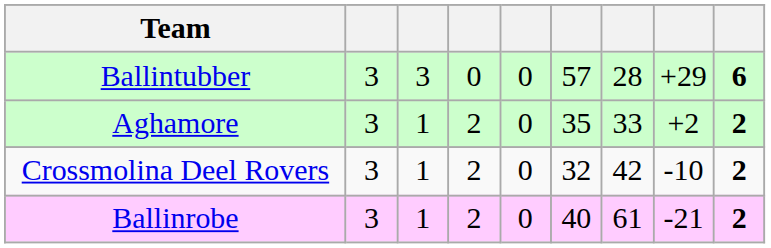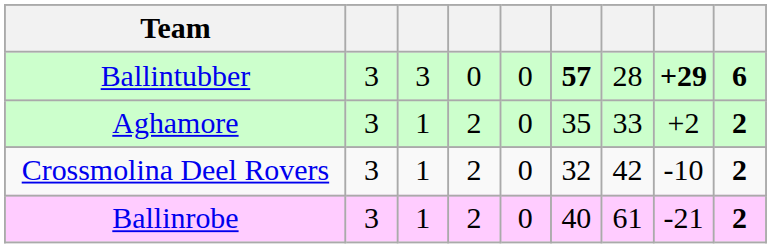 <table class="wikitable" style="text-align:center">
 <tr>
 <th style="width:175px;">Team</th>
 <th width="20"></th>
 <th width="20"></th>
 <th width="20"></th>
 <th width="20"></th>
 <th width="20"></th>
 <th width="20"></th>
 <th width="20"></th>
 <th width="20"></th>
 </tr>
 <tr style="background:#cfc;">
 <td><a href='#'>Ballintubber</a></td>
 <td>3</td>
 <td>3</td>
 <td>0</td>
 <td>0</td>
-<td>57</td>
+<td><strong>57</strong></td>
 <td>28</td>
-<td>+29</td>
+<td><strong>+29</strong></td>
 <td><strong>6</strong></td>
 </tr>
 <tr style="background:#cfc;">
 <td><a href='#'>Aghamore</a></td>
 <td>3</td>
 <td>1</td>
 <td>2</td>
 <td>0</td>
 <td>35</td>
 <td>33</td>
 <td>+2</td>
 <td><strong>2</strong></td>
 </tr>
 <tr>
 <td><a href='#'>Crossmolina Deel Rovers</a></td>
 <td>3</td>
 <td>1</td>
 <td>2</td>
 <td>0</td>
 <td>32</td>
 <td>42</td>
 <td>-10</td>
 <td><strong>2</strong></td>
 </tr>
 <tr style="background:#fcf;">
 <td><a href='#'>Ballinrobe</a></td>
 <td>3</td>
 <td>1</td>
 <td>2</td>
 <td>0</td>
 <td>40</td>
 <td>61</td>
 <td>-21</td>
 <td><strong>2</strong></td>
 </tr>
 </table>
